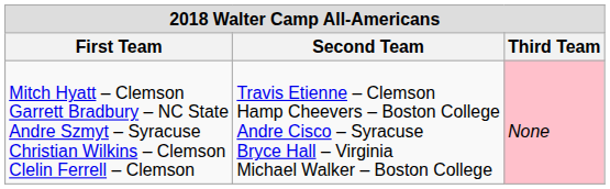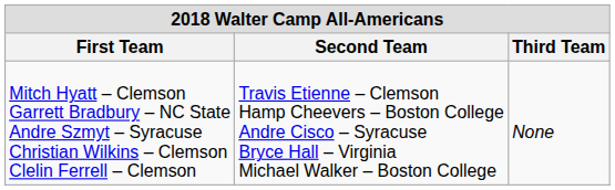 <table class="wikitable" style="white-space:nowrap; font-size:90%;">
 <tr>
 <td colspan="7" style="text-align:center; background:#ddd;"><strong>2018 Walter Camp All-Americans</strong></td>
 </tr>
 <tr>
 <th>First Team</th>
 <th>Second Team</th>
 <th>Third Team</th>
 </tr>
 <tr>
 <td><br><a href='#'>Mitch Hyatt</a> – Clemson<br> <a href='#'>Garrett Bradbury</a> – NC State<br> <a href='#'>Andre Szmyt</a> – Syracuse<br> <a href='#'>Christian Wilkins</a> – Clemson<br> <a href='#'>Clelin Ferrell</a> – Clemson</td>
 <td><br><a href='#'>Travis Etienne</a> – Clemson<br> Hamp Cheevers – Boston College<br> <a href='#'>Andre Cisco</a> – Syracuse<br> <a href='#'>Bryce Hall</a> – Virginia<br> Michael Walker – Boston College</td>
-<td style="background: pink;"><br><em>None</em></td>
+<td><br><em>None</em></td>
 </tr>
 </table>
